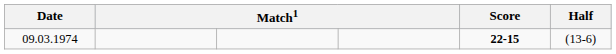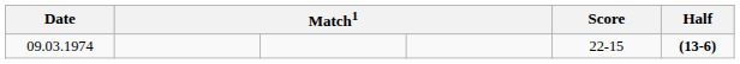 <table width=750 class="wikitable">
 <tr bgcolor="lightsteelblue">
 <th width=15%>Date</th>
 <th width=60% colspan=3>Match<sup>1</sup></th>
 <th width=15%>Score</th>
 <th>Half</th>
 </tr>
 <tr style=font-size:95%>
 <td align=center>09.03.1974</td>
 <td align=right><strong></strong></td>
 <td></td>
 <td align=left></td>
-<td align=center><strong>22-15</strong></td>
-<td align=center>(13-6)</td>
+<td align=center>22-15</td>
+<td align=center><strong>(13-6)</strong></td>
 </tr>
 </table>
